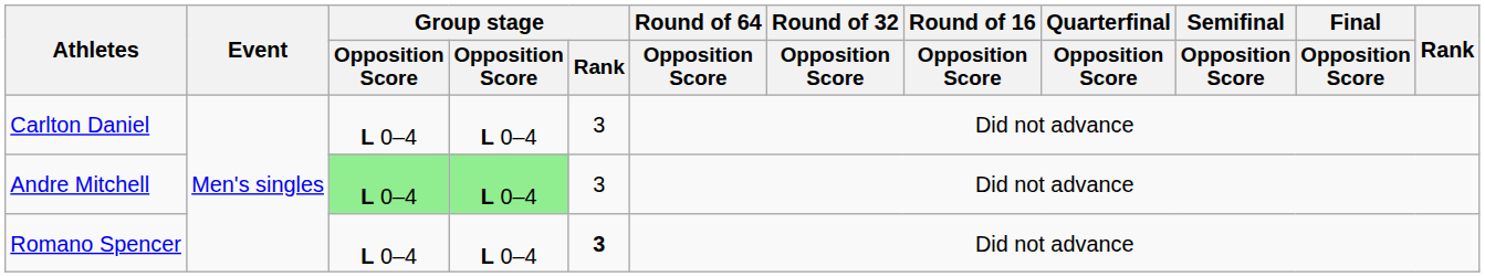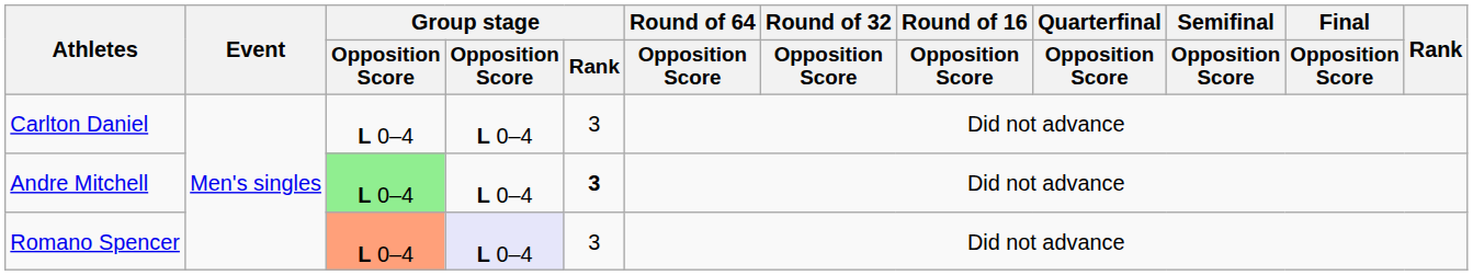 <table class="wikitable" style="font-size:90%">
 <tr>
 <th rowspan=2>Athletes</th>
 <th rowspan=2>Event</th>
 <th colspan=3>Group stage</th>
 <th>Round of 64</th>
 <th>Round of 32</th>
 <th>Round of 16</th>
 <th>Quarterfinal</th>
 <th>Semifinal</th>
 <th>Final</th>
 <th rowspan=2>Rank</th>
 </tr>
 <tr style="font-size:95%">
 <th>Opposition<br>Score</th>
 <th>Opposition<br>Score</th>
 <th>Rank</th>
 <th>Opposition<br>Score</th>
 <th>Opposition<br>Score</th>
 <th>Opposition<br>Score</th>
 <th>Opposition<br>Score</th>
 <th>Opposition<br>Score</th>
 <th>Opposition<br>Score</th>
 </tr>
 <tr align=center>
 <td align=left><a href='#'>Carlton Daniel</a></td>
 <td align=left rowspan=3><a href='#'>Men's singles</a></td>
 <td><br><strong>L</strong> 0–4</td>
 <td><br><strong>L</strong> 0–4</td>
 <td>3</td>
 <td colspan=7>Did not advance</td>
 </tr>
 <tr align=center>
 <td align=left><a href='#'>Andre Mitchell</a></td>
 <td style="background: lightgreen;"><br><strong>L</strong> 0–4</td>
-<td style="background: lightgreen;"><br><strong>L</strong> 0–4</td>
-<td>3</td>
+<td><br><strong>L</strong> 0–4</td>
+<td><strong>3</strong></td>
 <td colspan=7>Did not advance</td>
 </tr>
 <tr align=center>
 <td align=left><a href='#'>Romano Spencer</a></td>
-<td><br><strong>L</strong> 0–4</td>
-<td><br><strong>L</strong> 0–4</td>
-<td><strong>3</strong></td>
+<td style="background: lightsalmon;"><br><strong>L</strong> 0–4</td>
+<td style="background: lavender;"><br><strong>L</strong> 0–4</td>
+<td>3</td>
 <td colspan=7>Did not advance</td>
 </tr>
 </table>
